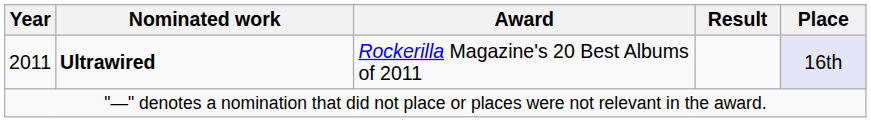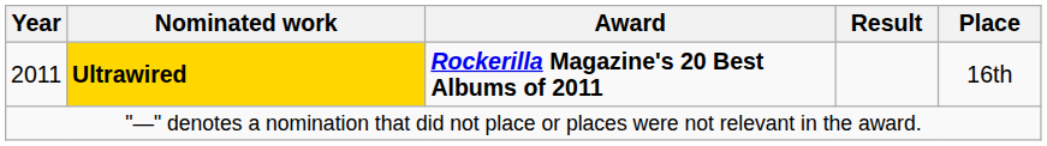 <table class="wikitable" style="width:80%;">
 <tr>
 <th style="width:5%;">Year</th>
 <th style="width:35%;">Nominated work</th>
 <th style="width:40%;">Award</th>
 <th style="width:10%;">Result</th>
 <th style="width:10%;">Place</th>
 </tr>
 <tr>
 <td>2011</td>
-<td><strong>Ultrawired</strong></td>
-<td><em><a href='#'>Rockerilla</a></em> Magazine's 20 Best Albums of 2011</td>
+<td style="background: gold;"><strong>Ultrawired</strong></td>
+<td><strong><em><a href='#'>Rockerilla</a></em> Magazine's 20 Best Albums of 2011</strong></td>
 <td></td>
-<td align="center" style="background: lavender;">16th</td>
+<td align="center">16th</td>
 </tr>
 <tr>
 <td colspan="14" style="font-size:90%" align="center">"—" denotes a nomination that did not place or places were not relevant in the award.</td>
 </tr>
 </table>
